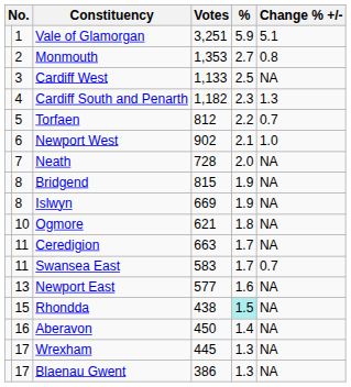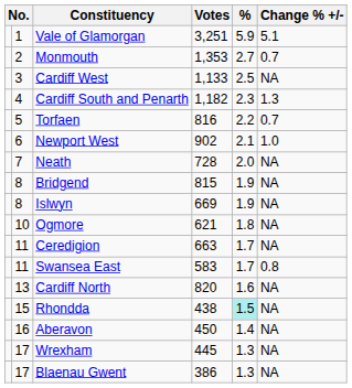 <table class="wikitable sortable collapsible collapsed">
 <tr>
 <th colspan="2">No.</th>
 <th>Constituency</th>
 <th>Votes</th>
 <th>%</th>
 <th>Change % +/-</th>
 </tr>
 <tr>
 <td width="1" style="color:inherit;background:"></td>
 <td>1</td>
 <td><a href='#'>Vale of Glamorgan</a></td>
 <td>3,251</td>
 <td>5.9</td>
 <td> 5.1</td>
 </tr>
 <tr>
 <td style="color:inherit;background:"></td>
 <td>2</td>
 <td><a href='#'>Monmouth</a></td>
 <td>1,353</td>
 <td>2.7</td>
-<td> 0.8</td>
+<td> 0.7</td>
 </tr>
 <tr>
 <td style="color:inherit;background:"></td>
 <td>3</td>
 <td><a href='#'>Cardiff West</a></td>
 <td>1,133</td>
 <td>2.5</td>
 <td>NA</td>
 </tr>
 <tr>
 <td style="color:inherit;background:"></td>
 <td>4</td>
 <td><a href='#'>Cardiff South and Penarth</a></td>
 <td>1,182</td>
 <td>2.3</td>
 <td> 1.3</td>
 </tr>
 <tr>
 <td style="color:inherit;background:"></td>
 <td>5</td>
 <td><a href='#'>Torfaen</a></td>
-<td>812</td>
+<td>816</td>
 <td>2.2</td>
 <td> 0.7</td>
 </tr>
 <tr>
 <td style="color:inherit;background:"></td>
 <td>6</td>
 <td><a href='#'>Newport West</a></td>
 <td>902</td>
 <td>2.1</td>
 <td> 1.0</td>
 </tr>
 <tr>
 <td style="color:inherit;background:"></td>
 <td>7</td>
 <td><a href='#'>Neath</a></td>
 <td>728</td>
 <td>2.0</td>
 <td>NA</td>
 </tr>
 <tr>
 <td style="color:inherit;background:"></td>
 <td>8</td>
 <td><a href='#'>Bridgend</a></td>
 <td>815</td>
 <td>1.9</td>
 <td>NA</td>
 </tr>
 <tr>
 <td style="color:inherit;background:"></td>
 <td>8</td>
 <td><a href='#'>Islwyn</a></td>
 <td>669</td>
 <td>1.9</td>
 <td>NA</td>
 </tr>
 <tr>
 <td style="color:inherit;background:"></td>
 <td>10</td>
 <td><a href='#'>Ogmore</a></td>
 <td>621</td>
 <td>1.8</td>
 <td>NA</td>
 </tr>
 <tr>
 <td style="color:inherit;background:"></td>
 <td>11</td>
 <td><a href='#'>Ceredigion</a></td>
 <td>663</td>
 <td>1.7</td>
 <td>NA</td>
 </tr>
 <tr>
 <td style="color:inherit;background:"></td>
 <td>11</td>
 <td><a href='#'>Swansea East</a></td>
 <td>583</td>
 <td>1.7</td>
-<td> 0.7</td>
+<td> 0.8</td>
 </tr>
 <tr>
 <td style="color:inherit;background:"></td>
 <td>13</td>
-<td><a href='#'>Newport East</a></td>
-<td>577</td>
+<td><a href='#'>Cardiff North</a></td>
+<td>820</td>
 <td>1.6</td>
 <td>NA</td>
 </tr>
 <tr>
 <td style="color:inherit;background:"></td>
 <td>15</td>
 <td><a href='#'>Rhondda</a></td>
 <td>438</td>
 <td style="background: paleturquoise;">1.5</td>
 <td>NA</td>
 </tr>
 <tr>
 <td style="color:inherit;background:"></td>
 <td>16</td>
 <td><a href='#'>Aberavon</a></td>
 <td>450</td>
 <td>1.4</td>
 <td>NA</td>
 </tr>
 <tr>
 <td style="color:inherit;background:"></td>
 <td>17</td>
 <td><a href='#'>Wrexham</a></td>
 <td>445</td>
 <td>1.3</td>
 <td>NA</td>
 </tr>
 <tr>
 <td style="color:inherit;background:"></td>
 <td>17</td>
 <td><a href='#'>Blaenau Gwent</a></td>
 <td>386</td>
 <td>1.3</td>
 <td>NA</td>
 </tr>
 </table>
